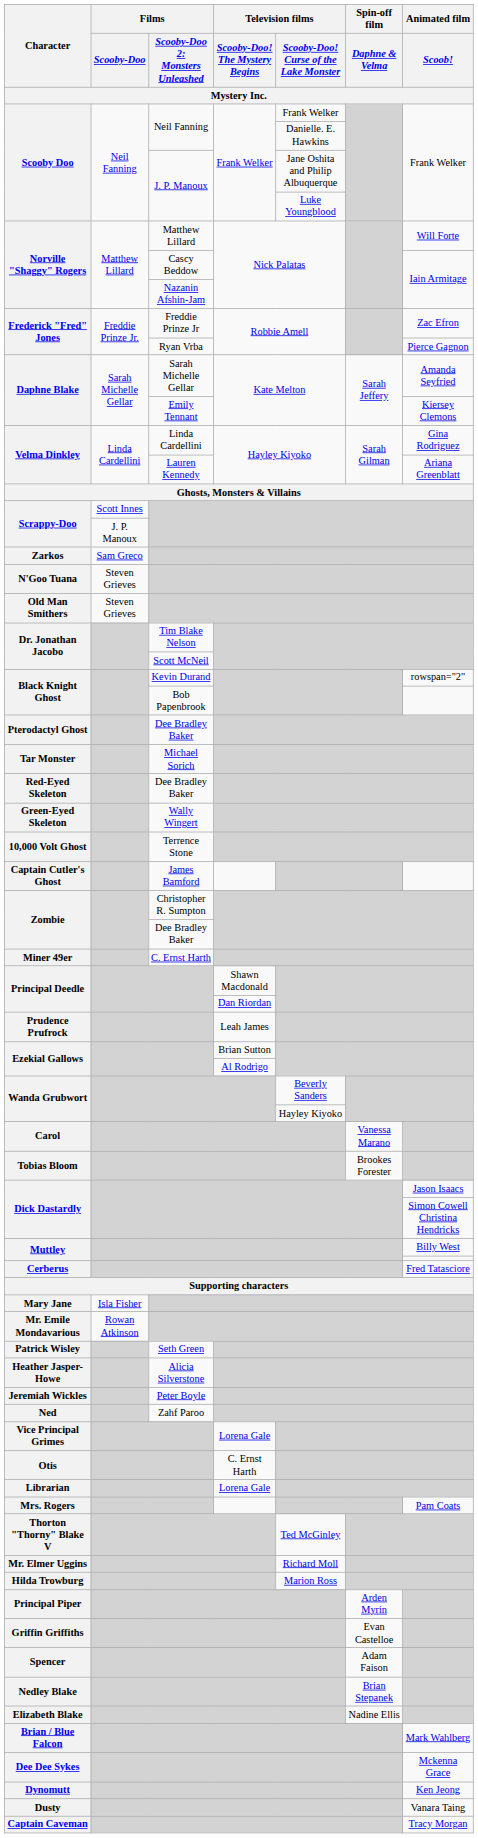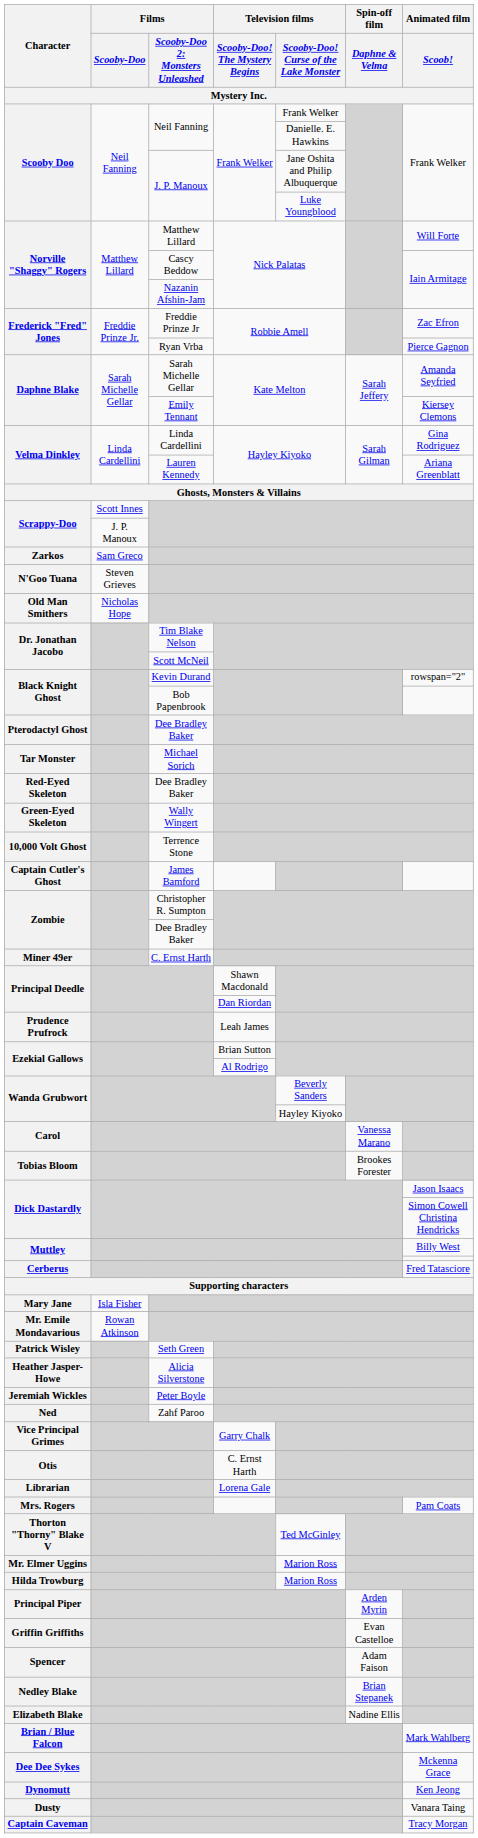 <table class="wikitable" style="text-align:center; width:99%; font-size:85%">
 <tr>
 <th rowspan="2" style="width:15%;">Character</th>
 <th colspan="2">Films</th>
 <th colspan="2">Television films</th>
 <th>Spin-off film</th>
 <th>Animated film</th>
 </tr>
 <tr>
 <th style="text-align:center; width:10%;"><em><a href='#'>Scooby-Doo</a></em></th>
 <th style="text-align:center; width:10%;"><em><a href='#'>Scooby-Doo 2:<br>Monsters Unleashed</a></em></th>
 <th style="text-align:center; width:10%;"><em><a href='#'>Scooby-Doo!<br>The Mystery Begins</a></em></th>
 <th style="text-align:center; width:10%;"><em><a href='#'>Scooby-Doo!<br>Curse of the Lake Monster</a></em></th>
 <th style="text-align:center; width:10%;"><em><a href='#'>Daphne & Velma</a></em></th>
 <th style="text-align:center; width:10%;"><em><a href='#'>Scoob!</a></em></th>
 </tr>
 <tr>
 <th colspan="7">Mystery Inc.</th>
 </tr>
 <tr>
 <th rowspan="4"><a href='#'>Scooby Doo</a></th>
 <td rowspan="4"><a href='#'>Neil Fanning</a></td>
 <td rowspan="2">Neil Fanning</td>
 <td rowspan="4"><a href='#'>Frank Welker</a></td>
 <td>Frank Welker</td>
 <td rowspan="4" style="background:#d3d3d3;"></td>
 <td rowspan="4">Frank Welker</td>
 </tr>
 <tr>
 <td>Danielle. E. Hawkins</td>
 </tr>
 <tr>
 <td rowspan="2"><a href='#'>J. P. Manoux</a></td>
 <td>Jane Oshita and Philip Albuquerque</td>
 </tr>
 <tr>
 <td><a href='#'>Luke Youngblood</a></td>
 </tr>
 <tr>
 <th rowspan="3"><a href='#'>Norville "Shaggy" Rogers</a></th>
 <td rowspan="3"><a href='#'>Matthew Lillard</a></td>
 <td>Matthew Lillard</td>
 <td rowspan="3" colspan="2"><a href='#'>Nick Palatas</a></td>
 <td rowspan="3" style="background:#d3d3d3;"></td>
 <td><a href='#'>Will Forte</a></td>
 </tr>
 <tr>
 <td>Cascy Beddow</td>
 <td rowspan="2"><a href='#'>Iain Armitage</a></td>
 </tr>
 <tr>
 <td><a href='#'>Nazanin Afshin-Jam</a></td>
 </tr>
 <tr>
 <th rowspan="2"><a href='#'>Frederick "Fred" Jones</a></th>
 <td rowspan="2"><a href='#'>Freddie Prinze Jr.</a></td>
 <td>Freddie Prinze Jr</td>
 <td rowspan="2" colspan="2"><a href='#'>Robbie Amell</a></td>
 <td rowspan="2" style="background:#d3d3d3;"></td>
 <td><a href='#'>Zac Efron</a></td>
 </tr>
 <tr>
 <td>Ryan Vrba</td>
 <td><a href='#'>Pierce Gagnon</a></td>
 </tr>
 <tr>
 <th rowspan="2"><a href='#'>Daphne Blake</a></th>
 <td rowspan="2"><a href='#'>Sarah Michelle Gellar</a></td>
 <td>Sarah Michelle Gellar</td>
 <td rowspan="2" colspan="2"><a href='#'>Kate Melton</a></td>
 <td rowspan="2"><a href='#'>Sarah Jeffery</a></td>
 <td><a href='#'>Amanda Seyfried</a></td>
 </tr>
 <tr>
 <td><a href='#'>Emily Tennant</a></td>
 <td><a href='#'>Kiersey Clemons</a></td>
 </tr>
 <tr>
 <th rowspan="2"><a href='#'>Velma Dinkley</a></th>
 <td rowspan="2"><a href='#'>Linda Cardellini</a></td>
 <td>Linda Cardellini</td>
 <td rowspan="2" colspan="2"><a href='#'>Hayley Kiyoko</a></td>
 <td rowspan="2"><a href='#'>Sarah Gilman</a></td>
 <td><a href='#'>Gina Rodriguez</a></td>
 </tr>
 <tr>
 <td><a href='#'>Lauren Kennedy</a></td>
 <td><a href='#'>Ariana Greenblatt</a></td>
 </tr>
 <tr>
 <th colspan="7">Ghosts, Monsters & Villains</th>
 </tr>
 <tr>
 <th rowspan="2"><a href='#'>Scrappy-Doo</a></th>
 <td><a href='#'>Scott Innes</a></td>
 <td rowspan="2" colspan="5" style="background:#d3d3d3;"></td>
 </tr>
 <tr>
 <td>J. P. Manoux</td>
 </tr>
 <tr>
 <th>Zarkos</th>
 <td><a href='#'>Sam Greco</a></td>
 <td colspan="5" style="background:#d3d3d3;"></td>
 </tr>
 <tr>
 <th>N'Goo Tuana</th>
 <td>Steven Grieves</td>
 <td colspan="5" style="background:#d3d3d3;"></td>
 </tr>
 <tr>
 <th>Old Man Smithers<br></th>
-<td>Steven Grieves</td>
+<td><a href='#'>Nicholas Hope</a></td>
 <td colspan="5" style="background:#d3d3d3;"></td>
 </tr>
 <tr>
 <th rowspan="2">Dr. Jonathan Jacobo<br></th>
 <td rowspan="2" style="background:#d3d3d3;"></td>
 <td><a href='#'>Tim Blake Nelson</a></td>
 <td rowspan="2" colspan="4" style="background:#d3d3d3;"></td>
 </tr>
 <tr>
 <td><a href='#'>Scott McNeil</a></td>
 </tr>
 <tr>
 <th rowspan="2">Black Knight Ghost</th>
 <td rowspan="2" style="background:#d3d3d3;"></td>
 <td><a href='#'>Kevin Durand</a></td>
 <td rowspan="2" colspan="3" style="background:#d3d3d3;"></td>
 <td>rowspan="2" </td>
 </tr>
 <tr>
 <td>Bob Papenbrook</td>
 </tr>
 <tr>
 <th>Pterodactyl Ghost</th>
 <td style="background:#d3d3d3;"></td>
 <td><a href='#'>Dee Bradley Baker</a></td>
 <td colspan="4" style="background:#d3d3d3;"></td>
 </tr>
 <tr>
 <th>Tar Monster</th>
 <td style="background:#d3d3d3;"></td>
 <td><a href='#'>Michael Sorich</a></td>
 <td colspan="4" style="background:#d3d3d3;"></td>
 </tr>
 <tr>
 <th>Red-Eyed Skeleton</th>
 <td style="background:#d3d3d3;"></td>
 <td>Dee Bradley Baker</td>
 <td colspan="4" style="background:#d3d3d3;"></td>
 </tr>
 <tr>
 <th>Green-Eyed Skeleton</th>
 <td style="background:#d3d3d3;"></td>
 <td><a href='#'>Wally Wingert</a></td>
 <td colspan="4" style="background:#d3d3d3;"></td>
 </tr>
 <tr>
 <th>10,000 Volt Ghost</th>
 <td style="background:#d3d3d3;"></td>
 <td>Terrence Stone</td>
 <td colspan="4" style="background:#d3d3d3;"></td>
 </tr>
 <tr>
 <th>Captain Cutler's Ghost</th>
 <td style="background:#d3d3d3;"></td>
 <td><a href='#'>James Bamford</a></td>
 <td></td>
 <td colspan="2" style="background:#d3d3d3;"></td>
 <td></td>
 </tr>
 <tr>
 <th rowspan="2">Zombie</th>
 <td rowspan="2" style="background:#d3d3d3;"></td>
 <td>Christopher R. Sumpton</td>
 <td rowspan="2" colspan="4" style="background:#d3d3d3;"></td>
 </tr>
 <tr>
 <td>Dee Bradley Baker</td>
 </tr>
 <tr>
 <th>Miner 49er</th>
 <td style="background:#d3d3d3;"></td>
 <td><a href='#'>C. Ernst Harth</a></td>
 <td colspan="4" style="background:#d3d3d3;"></td>
 </tr>
 <tr>
 <th rowspan="2">Principal Deedle<br></th>
 <td rowspan="2" colspan="2" style="background:#d3d3d3;"></td>
 <td>Shawn Macdonald</td>
 <td rowspan="2" colspan="3" style="background:#d3d3d3;"></td>
 </tr>
 <tr>
 <td><a href='#'>Dan Riordan</a></td>
 </tr>
 <tr>
 <th>Prudence Prufrock</th>
 <td colspan="2" style="background:#d3d3d3;"></td>
 <td>Leah James</td>
 <td colspan="3" style="background:#d3d3d3;"></td>
 </tr>
 <tr>
 <th rowspan="2">Ezekial Gallows</th>
 <td rowspan="2" colspan="2" style="background:#d3d3d3;"></td>
 <td>Brian Sutton</td>
 <td rowspan="2" colspan="3" style="background:#d3d3d3;"></td>
 </tr>
 <tr>
 <td><a href='#'>Al Rodrigo</a></td>
 </tr>
 <tr>
 <th rowspan="2">Wanda Grubwort</th>
 <td rowspan="2" colspan="3" style="background:#d3d3d3;"></td>
 <td><a href='#'>Beverly Sanders</a></td>
 <td rowspan="2" colspan="2" style="background:#d3d3d3;"></td>
 </tr>
 <tr>
 <td>Hayley Kiyoko</td>
 </tr>
 <tr>
 <th>Carol</th>
 <td colspan="4" style="background:#d3d3d3;"></td>
 <td><a href='#'>Vanessa Marano</a></td>
 <td style="background:#d3d3d3;"></td>
 </tr>
 <tr>
 <th>Tobias Bloom</th>
 <td colspan="4" style="background:#d3d3d3;"></td>
 <td>Brookes Forester</td>
 <td style="background:#d3d3d3;"></td>
 </tr>
 <tr>
 <th rowspan="2"><a href='#'>Dick Dastardly</a></th>
 <td rowspan="2" colspan="5" style="background:#d3d3d3;"></td>
 <td><a href='#'>Jason Isaacs</a></td>
 </tr>
 <tr>
 <td><a href='#'>Simon Cowell</a><br><a href='#'>Christina Hendricks</a></td>
 </tr>
 <tr>
 <th rowspan="2"><a href='#'>Muttley</a></th>
 <td rowspan="2" colspan="5" style="background:#d3d3d3;"></td>
 <td><a href='#'>Billy West</a></td>
 </tr>
 <tr>
 <td></td>
 </tr>
 <tr>
 <th><a href='#'>Cerberus</a></th>
 <td colspan="5" style="background:#d3d3d3;"></td>
 <td><a href='#'>Fred Tatasciore</a></td>
 </tr>
 <tr>
 <th colspan="7">Supporting characters</th>
 </tr>
 <tr>
 <th>Mary Jane</th>
 <td><a href='#'>Isla Fisher</a></td>
 <td colspan="5" style="background:#d3d3d3;"></td>
 </tr>
 <tr>
 <th>Mr. Emile Mondavarious</th>
 <td><a href='#'>Rowan Atkinson</a></td>
 <td colspan="5" style="background:#d3d3d3;"></td>
 </tr>
 <tr>
 <th>Patrick Wisley</th>
 <td style="background:#d3d3d3;"></td>
 <td><a href='#'>Seth Green</a></td>
 <td colspan="4" style="background:#d3d3d3;"></td>
 </tr>
 <tr>
 <th>Heather Jasper-Howe</th>
 <td style="background:#d3d3d3;"></td>
 <td><a href='#'>Alicia Silverstone</a></td>
 <td colspan="4" style="background:#d3d3d3;"></td>
 </tr>
 <tr>
 <th>Jeremiah Wickles</th>
 <td style="background:#d3d3d3;"></td>
 <td><a href='#'>Peter Boyle</a></td>
 <td colspan="4" style="background:#d3d3d3;"></td>
 </tr>
 <tr>
 <th>Ned</th>
 <td style="background:#d3d3d3;"></td>
 <td>Zahf Paroo</td>
 <td colspan="4" style="background:#d3d3d3;"></td>
 </tr>
 <tr>
 <th>Vice Principal Grimes</th>
 <td colspan="2" style="background:#d3d3d3;"></td>
-<td><a href='#'>Lorena Gale</a></td>
+<td><a href='#'>Garry Chalk</a></td>
 <td colspan="3" style="background:#d3d3d3;"></td>
 </tr>
 <tr>
 <th>Otis</th>
 <td colspan="2" style="background:#d3d3d3;"></td>
 <td>C. Ernst Harth</td>
 <td colspan="3" style="background:#d3d3d3;"></td>
 </tr>
 <tr>
 <th>Librarian</th>
 <td colspan="2" style="background:#d3d3d3;"></td>
 <td><a href='#'>Lorena Gale</a></td>
 <td colspan="3" style="background:#d3d3d3;"></td>
 </tr>
 <tr>
 <th>Mrs. Rogers</th>
 <td colspan="2" style="background:#d3d3d3;"></td>
 <td></td>
 <td colspan="2" style="background:#d3d3d3;"></td>
 <td><a href='#'>Pam Coats</a></td>
 </tr>
 <tr>
 <th>Thorton "Thorny" Blake V</th>
 <td colspan="3" style="background:#d3d3d3;"></td>
 <td><a href='#'>Ted McGinley</a></td>
 <td colspan="2" style="background:#d3d3d3;"></td>
 </tr>
 <tr>
 <th>Mr. Elmer Uggins</th>
 <td colspan="3" style="background:#d3d3d3;"></td>
-<td><a href='#'>Richard Moll</a></td>
+<td><a href='#'>Marion Ross</a></td>
 <td colspan="2" style="background:#d3d3d3;"></td>
 </tr>
 <tr>
 <th>Hilda Trowburg</th>
 <td colspan="3" style="background:#d3d3d3;"></td>
 <td><a href='#'>Marion Ross</a></td>
 <td colspan="2" style="background:#d3d3d3;"></td>
 </tr>
 <tr>
 <th>Principal Piper</th>
 <td colspan="4" style="background:#d3d3d3;"></td>
 <td><a href='#'>Arden Myrin</a></td>
 <td style="background:#d3d3d3;"></td>
 </tr>
 <tr>
 <th>Griffin Griffiths</th>
 <td colspan="4" style="background:#d3d3d3;"></td>
 <td>Evan Castelloe</td>
 <td style="background:#d3d3d3;"></td>
 </tr>
 <tr>
 <th>Spencer</th>
 <td colspan="4" style="background:#d3d3d3;"></td>
 <td>Adam Faison</td>
 <td style="background:#d3d3d3;"></td>
 </tr>
 <tr>
 <th>Nedley Blake</th>
 <td colspan="4" style="background:#d3d3d3;"></td>
 <td><a href='#'>Brian Stepanek</a></td>
 <td style="background:#d3d3d3;"></td>
 </tr>
 <tr>
 <th>Elizabeth Blake</th>
 <td colspan="4" style="background:#d3d3d3;"></td>
 <td>Nadine Ellis</td>
 <td style="background:#d3d3d3;"></td>
 </tr>
 <tr>
 <th><a href='#'>Brian / Blue Falcon</a></th>
 <td colspan="5" style="background:#d3d3d3;"></td>
 <td><a href='#'>Mark Wahlberg</a></td>
 </tr>
 <tr>
 <th><a href='#'>Dee Dee Sykes</a></th>
 <td colspan="5" style="background:#d3d3d3;"></td>
 <td><a href='#'>Mckenna Grace</a></td>
 </tr>
 <tr>
 <th><a href='#'>Dynomutt</a></th>
 <td colspan="5" style="background:#d3d3d3;"></td>
 <td><a href='#'>Ken Jeong</a></td>
 </tr>
 <tr>
 <th>Dusty</th>
 <td colspan="5" style="background:#d3d3d3;"></td>
 <td>Vanara Taing</td>
 </tr>
 <tr>
 <th><a href='#'>Captain Caveman</a></th>
 <td colspan="5" style="background:#d3d3d3;"></td>
 <td><a href='#'>Tracy Morgan</a></td>
 </tr>
 </table>
